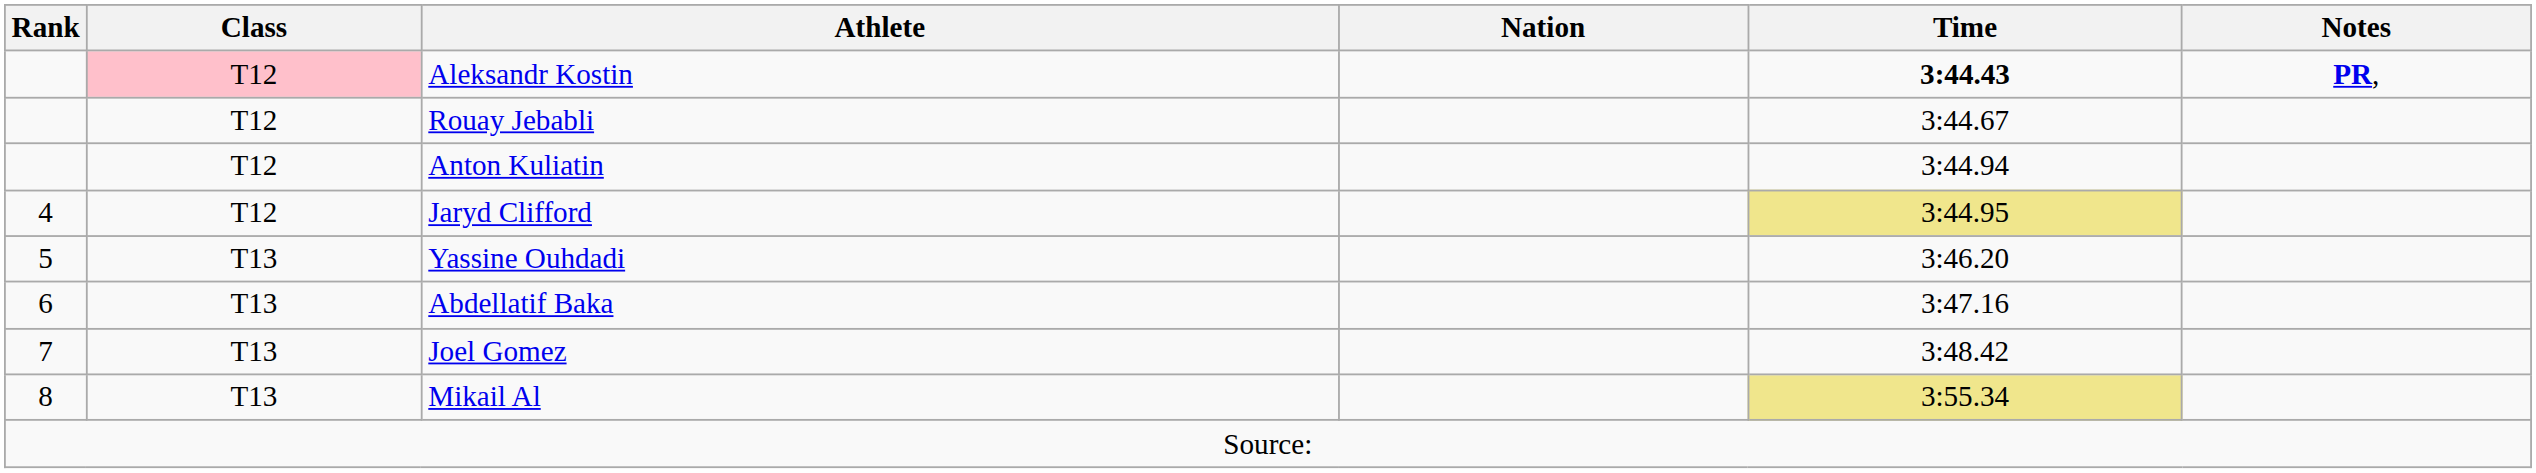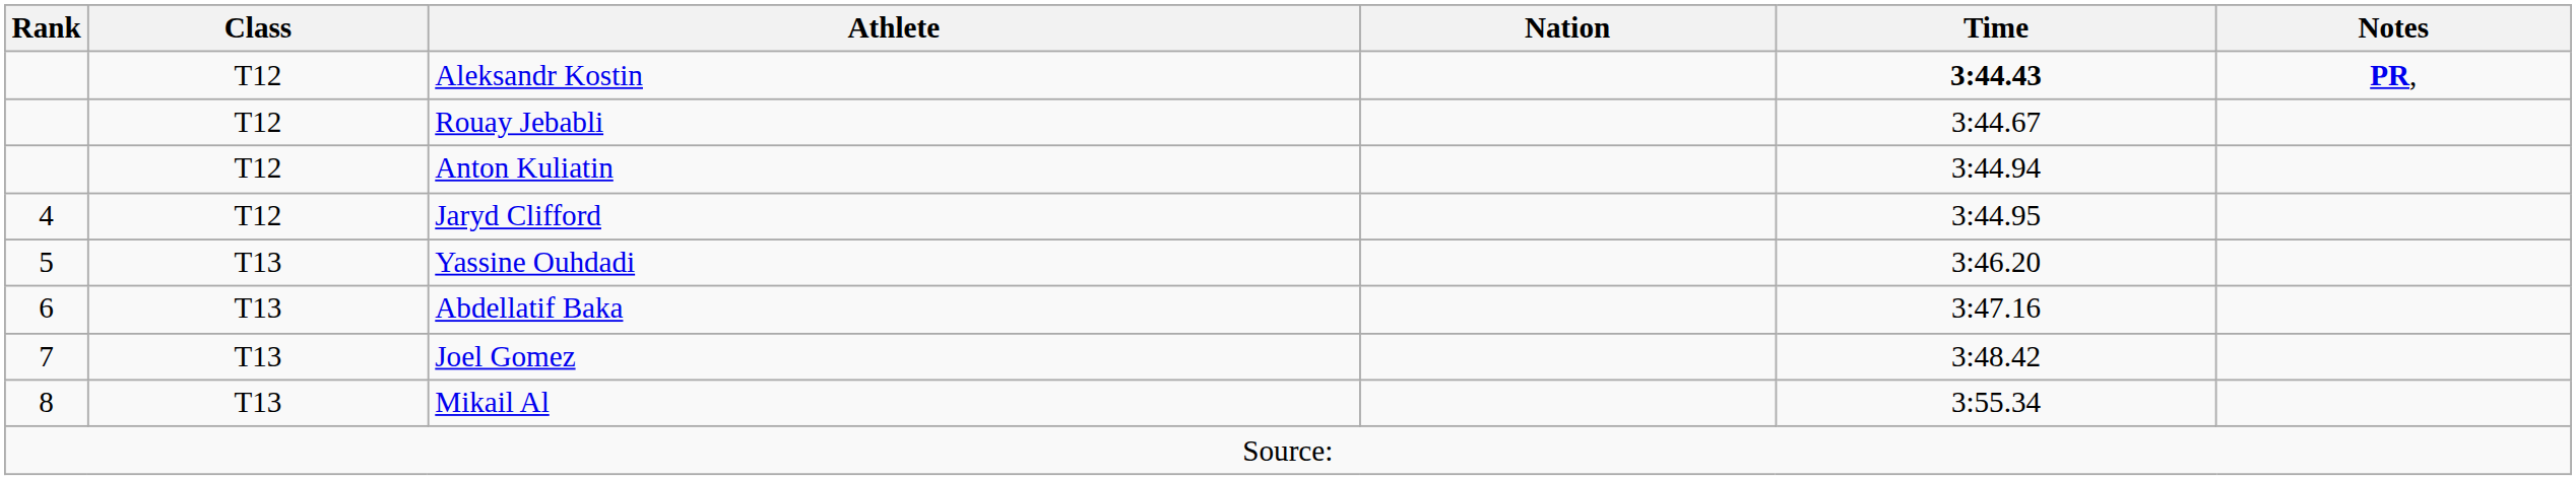 <table class="wikitable sortable" style="text-align:center;width: 70%;">
 <tr>
 <th scope="col" style="width: 10px;">Rank</th>
 <th scope="col">Class</th>
 <th scope="col">Athlete</th>
 <th scope="col">Nation</th>
 <th scope="col">Time</th>
 <th scope="col">Notes</th>
 </tr>
 <tr>
 <td></td>
-<td style="background: pink;">T12</td>
+<td>T12</td>
 <td align=left><a href='#'>Aleksandr Kostin</a></td>
 <td align=left></td>
 <td><strong>3:44.43</strong></td>
 <td><strong><a href='#'>PR</a></strong>, </td>
 </tr>
 <tr>
 <td></td>
 <td>T12</td>
 <td align=left><a href='#'>Rouay Jebabli</a></td>
 <td align=left></td>
 <td>3:44.67</td>
 <td></td>
 </tr>
 <tr>
 <td></td>
 <td>T12</td>
 <td align=left><a href='#'>Anton Kuliatin</a></td>
 <td align=left></td>
 <td>3:44.94</td>
 <td></td>
 </tr>
 <tr>
 <td>4</td>
 <td>T12</td>
 <td align=left><a href='#'>Jaryd Clifford</a></td>
 <td align=left></td>
-<td style="background: khaki;">3:44.95</td>
+<td>3:44.95</td>
 <td></td>
 </tr>
 <tr>
 <td>5</td>
 <td>T13</td>
 <td align=left><a href='#'>Yassine Ouhdadi</a></td>
 <td align=left></td>
 <td>3:46.20</td>
 <td></td>
 </tr>
 <tr>
 <td>6</td>
 <td>T13</td>
 <td align=left><a href='#'>Abdellatif Baka</a></td>
 <td align=left></td>
 <td>3:47.16</td>
 <td></td>
 </tr>
 <tr>
 <td>7</td>
 <td>T13</td>
 <td align=left><a href='#'>Joel Gomez</a></td>
 <td align=left></td>
 <td>3:48.42</td>
 <td></td>
 </tr>
 <tr>
 <td>8</td>
 <td>T13</td>
 <td align=left><a href='#'>Mikail Al</a></td>
 <td align=left></td>
-<td style="background: khaki;">3:55.34</td>
+<td>3:55.34</td>
 <td></td>
 </tr>
 <tr class="sortbottom">
 <td colspan="6">Source:</td>
 </tr>
 </table>
